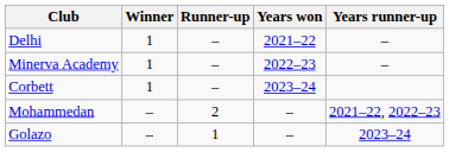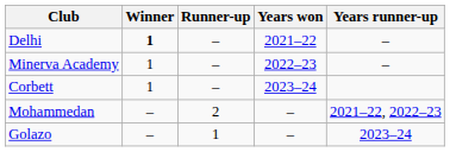 <table class="wikitable sortable"  style="text-align:center;">
 <tr>
 <th>Club</th>
 <th>Winner</th>
 <th>Runner-up</th>
 <th>Years won</th>
 <th>Years runner-up</th>
 </tr>
 <tr>
 <td align=left><a href='#'>Delhi</a></td>
-<td>1</td>
+<td><strong>1</strong></td>
 <td>–</td>
 <td><a href='#'>2021–22</a></td>
 <td>–</td>
 </tr>
 <tr>
 <td align=left><a href='#'>Minerva Academy</a></td>
 <td>1</td>
 <td>–</td>
 <td><a href='#'>2022–23</a></td>
 <td>–</td>
 </tr>
 <tr>
 <td align=left><a href='#'>Corbett</a></td>
 <td>1</td>
 <td>–</td>
 <td><a href='#'>2023–24</a></td>
 </tr>
 <tr>
 <td align=left><a href='#'>Mohammedan</a></td>
 <td>–</td>
 <td>2</td>
 <td>–</td>
 <td><a href='#'>2021–22</a>, <a href='#'>2022–23</a></td>
 </tr>
 <tr>
 <td align=left><a href='#'>Golazo</a></td>
 <td>–</td>
 <td>1</td>
 <td>–</td>
 <td><a href='#'>2023–24</a></td>
 </tr>
 </table>
